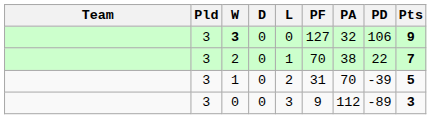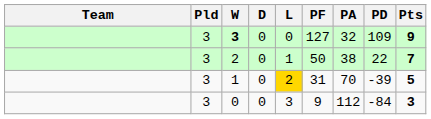 <table class="wikitable" style="text-align:center;">
 <tr>
 <th width=175>Team</th>
 <th width=20 abbr="Played">Pld</th>
 <th width=20 abbr="Won">W</th>
 <th width=20 abbr="Drawn">D</th>
 <th width=20 abbr="Lost">L</th>
 <th width=20 abbr="Points for">PF</th>
 <th width=20 abbr="Points against">PA</th>
 <th width=25 abbr="Points difference">PD</th>
 <th width=20 abbr="Points">Pts</th>
 </tr>
 <tr bgcolor=ccffcc>
 <td align=left></td>
 <td>3</td>
 <td><strong>3</strong></td>
 <td>0</td>
 <td>0</td>
 <td>127</td>
 <td>32</td>
-<td>106</td>
+<td>109</td>
 <td><strong> 9 </strong></td>
 </tr>
 <tr bgcolor=ccffcc>
 <td align=left></td>
 <td>3</td>
 <td>2</td>
 <td>0</td>
 <td>1</td>
-<td>70</td>
+<td>50</td>
 <td>38</td>
 <td>22</td>
 <td><strong> 7 </strong></td>
 </tr>
 <tr>
 <td align=left></td>
 <td>3</td>
 <td>1</td>
 <td>0</td>
-<td>2</td>
+<td style="background: gold;">2</td>
 <td>31</td>
 <td>70</td>
 <td>-39</td>
 <td><strong> 5 </strong></td>
 </tr>
 <tr>
 <td align=left></td>
 <td>3</td>
 <td>0</td>
 <td>0</td>
 <td>3</td>
 <td>9</td>
 <td>112</td>
-<td>-89</td>
+<td>-84</td>
 <td><strong> 3 </strong></td>
 </tr>
 </table>
